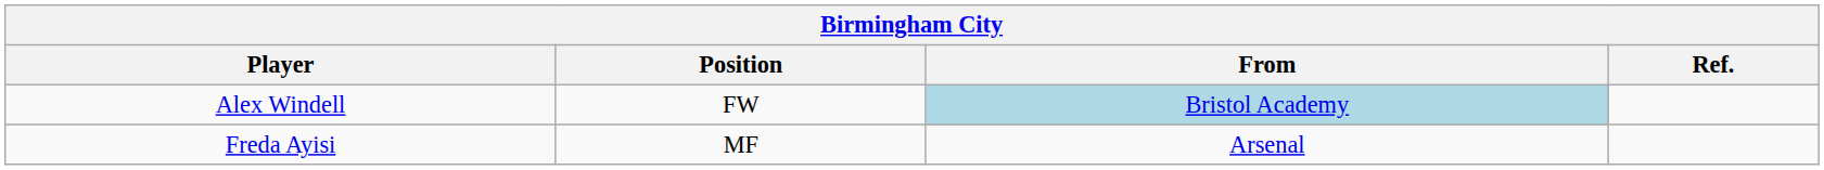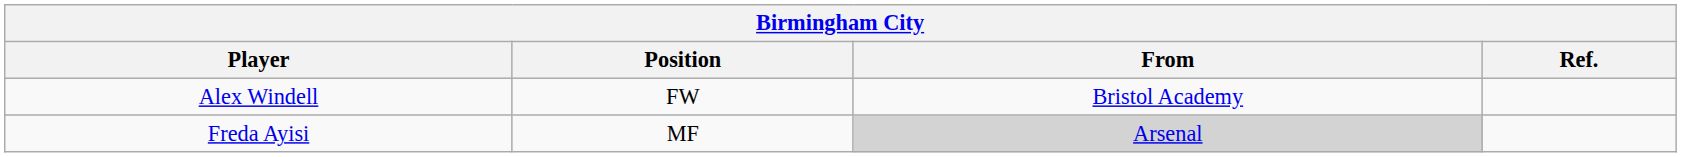 <table class="wikitable sortable collapsible collapsed" style="font-size:95%; text-align: center; width: 90%;">
 <tr>
 <th colspan="4"  style="with:100%; text-align:center;"><strong><a href='#'>Birmingham City</a></strong></th>
 </tr>
 <tr>
 <th>Player</th>
 <th>Position</th>
 <th>From</th>
 <th>Ref.</th>
 </tr>
 <tr>
 <td> <a href='#'>Alex Windell</a></td>
 <td>FW</td>
-<td style="background: lightblue;"><a href='#'>Bristol Academy</a></td>
+<td><a href='#'>Bristol Academy</a></td>
 <td></td>
 </tr>
 <tr>
 <td> <a href='#'>Freda Ayisi</a></td>
 <td>MF</td>
-<td><a href='#'>Arsenal</a></td>
+<td style="background: lightgrey;"><a href='#'>Arsenal</a></td>
 <td></td>
 </tr>
 </table>
